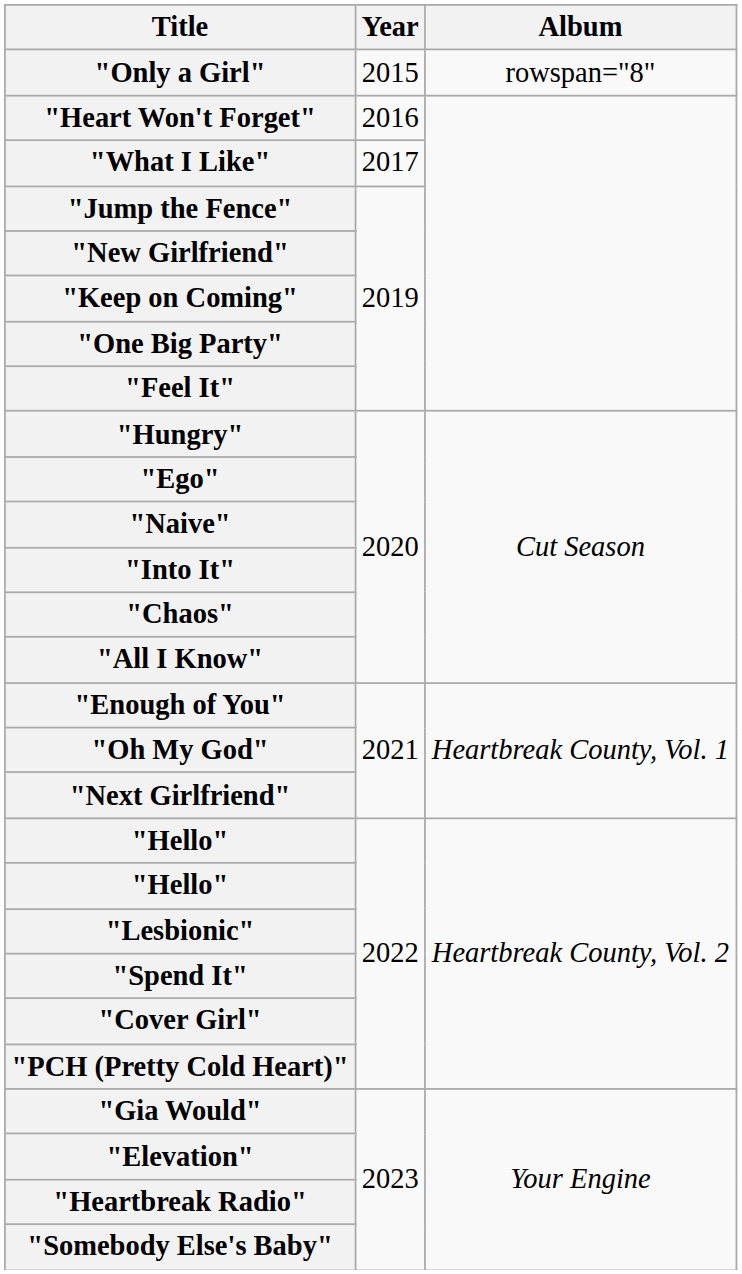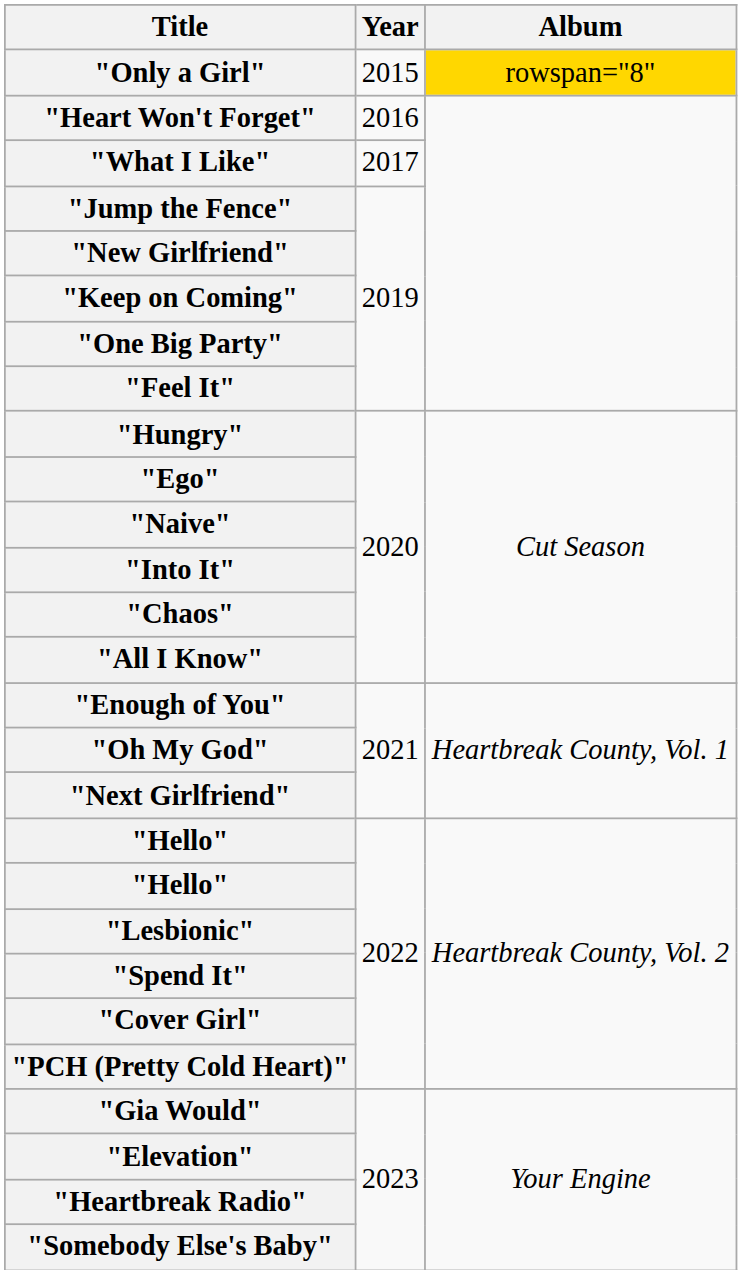 <table class="wikitable plainrowheaders" style="text-align:center;">
 <tr>
 <th>Title</th>
 <th>Year</th>
 <th>Album</th>
 </tr>
 <tr>
 <th scope="row">"Only a Girl"</th>
 <td>2015</td>
-<td>rowspan="8" </td>
+<td style="background: gold;">rowspan="8" </td>
 </tr>
 <tr>
 <th scope="row">"Heart Won't Forget"<br></th>
 <td>2016</td>
 </tr>
 <tr>
 <th scope="row">"What I Like"</th>
 <td>2017</td>
 </tr>
 <tr>
 <th scope="row">"Jump the Fence"</th>
 <td rowspan="5">2019</td>
 </tr>
 <tr>
 <th scope="row">"New Girlfriend"</th>
 </tr>
 <tr>
 <th scope="row">"Keep on Coming"</th>
 </tr>
 <tr>
 <th scope="row">"One Big Party"</th>
 </tr>
 <tr>
 <th scope="row">"Feel It"</th>
 </tr>
 <tr>
 <th scope="row">"Hungry"</th>
 <td rowspan="6">2020</td>
 <td rowspan="6"><em>Cut Season</em></td>
 </tr>
 <tr>
 <th scope="row">"Ego"</th>
 </tr>
 <tr>
 <th scope="row">"Naive"</th>
 </tr>
 <tr>
 <th scope="row">"Into It"</th>
 </tr>
 <tr>
 <th scope="row">"Chaos"</th>
 </tr>
 <tr>
 <th scope="row">"All I Know"</th>
 </tr>
 <tr>
 <th scope="row">"Enough of You"</th>
 <td rowspan="3">2021</td>
 <td rowspan="3"><em>Heartbreak County, Vol. 1</em></td>
 </tr>
 <tr>
 <th scope="row">"Oh My God"</th>
 </tr>
 <tr>
 <th scope="row">"Next Girlfriend"</th>
 </tr>
 <tr>
 <th scope="row">"Hello"</th>
 <td rowspan="6">2022</td>
 <td rowspan="6"><em>Heartbreak County, Vol. 2</em></td>
 </tr>
 <tr>
 <th scope="row">"Hello"</th>
 </tr>
 <tr>
 <th scope="row">"Lesbionic"</th>
 </tr>
 <tr>
 <th scope="row">"Spend It"<br></th>
 </tr>
 <tr>
 <th scope="row">"Cover Girl"</th>
 </tr>
 <tr>
 <th scope="row">"PCH (Pretty Cold Heart)"</th>
 </tr>
 <tr>
 <th scope="row">"Gia Would"</th>
 <td rowspan="4">2023</td>
 <td rowspan="4"><em>Your Engine</em></td>
 </tr>
 <tr>
 <th scope="row">"Elevation"</th>
 </tr>
 <tr>
 <th scope="row">"Heartbreak Radio"</th>
 </tr>
 <tr>
 <th scope="row">"Somebody Else's Baby"</th>
 </tr>
 </table>
